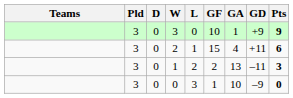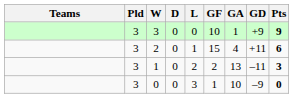 <table class="wikitable" style="text-align: center;">
 <tr>
 <th width=165>Teams</th>
 <th width=20>Pld</th>
+<th width=20>W</th>
 <th width=20>D</th>
-<th width=20>W</th>
 <th width=20>L</th>
 <th width=20>GF</th>
 <th width=20>GA</th>
 <th width=20>GD</th>
 <th width=20>Pts</th>
 </tr>
 <tr align=center style="background:#ccffcc;">
 <td style="text-align:left;"></td>
 <td>3</td>
+<td>3</td>
 <td>0</td>
-<td>3</td>
 <td>0</td>
 <td>10</td>
 <td>1</td>
 <td>+9</td>
 <td><strong>9</strong></td>
 </tr>
 <tr align=center>
 <td style="text-align:left;"></td>
 <td>3</td>
+<td>2</td>
 <td>0</td>
-<td>2</td>
 <td>1</td>
 <td>15</td>
 <td>4</td>
 <td>+11</td>
 <td><strong>6</strong></td>
 </tr>
 <tr align=center>
 <td style="text-align:left;"></td>
 <td>3</td>
+<td>1</td>
 <td>0</td>
-<td>1</td>
 <td>2</td>
 <td>2</td>
 <td>13</td>
 <td>–11</td>
 <td><strong>3</strong></td>
 </tr>
 <tr align=center>
 <td style="text-align:left;"></td>
 <td>3</td>
 <td>0</td>
 <td>0</td>
 <td>3</td>
 <td>1</td>
 <td>10</td>
 <td>–9</td>
 <td><strong>0</strong></td>
 </tr>
 </table>
